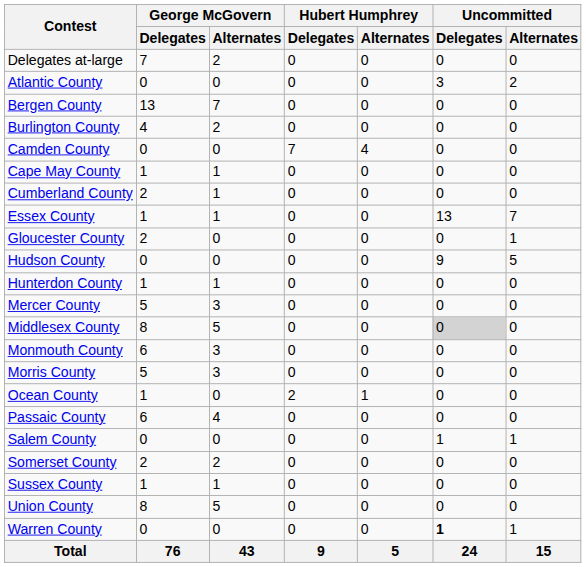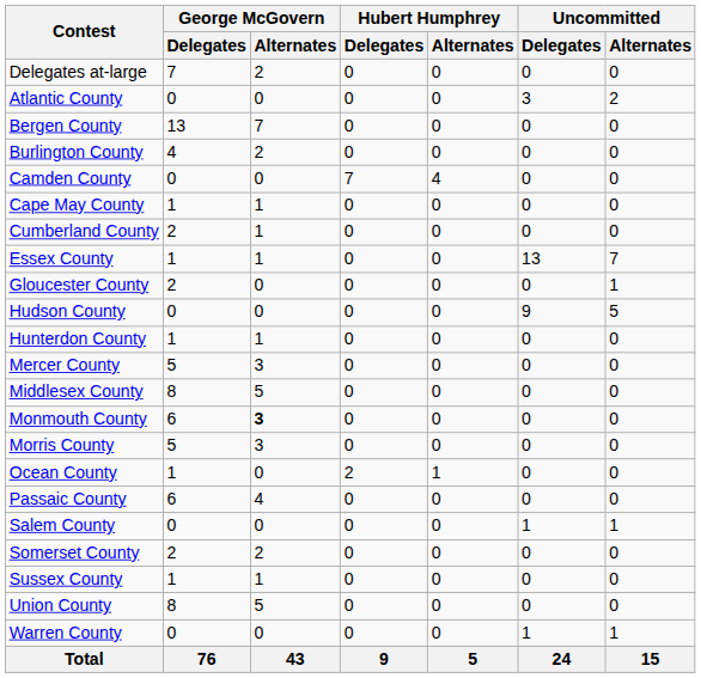 <table class="wikitable">
 <tr>
 <th rowspan="2">Contest</th>
 <th colspan="2">George McGovern</th>
 <th colspan="2">Hubert Humphrey</th>
 <th colspan="2">Uncommitted</th>
 </tr>
 <tr>
 <th>Delegates</th>
 <th>Alternates</th>
 <th>Delegates</th>
 <th>Alternates</th>
 <th>Delegates</th>
 <th>Alternates</th>
 </tr>
 <tr>
 <td>Delegates at-large</td>
 <td>7</td>
 <td>2</td>
 <td>0</td>
 <td>0</td>
 <td>0</td>
 <td>0</td>
 </tr>
 <tr>
 <td><a href='#'>Atlantic County</a></td>
 <td>0</td>
 <td>0</td>
 <td>0</td>
 <td>0</td>
 <td>3</td>
 <td>2</td>
 </tr>
 <tr>
 <td><a href='#'>Bergen County</a></td>
 <td>13</td>
 <td>7</td>
 <td>0</td>
 <td>0</td>
 <td>0</td>
 <td>0</td>
 </tr>
 <tr>
 <td><a href='#'>Burlington County</a></td>
 <td>4</td>
 <td>2</td>
 <td>0</td>
 <td>0</td>
 <td>0</td>
 <td>0</td>
 </tr>
 <tr>
 <td><a href='#'>Camden County</a></td>
 <td>0</td>
 <td>0</td>
 <td>7</td>
 <td>4</td>
 <td>0</td>
 <td>0</td>
 </tr>
 <tr>
 <td><a href='#'>Cape May County</a></td>
 <td>1</td>
 <td>1</td>
 <td>0</td>
 <td>0</td>
 <td>0</td>
 <td>0</td>
 </tr>
 <tr>
 <td><a href='#'>Cumberland County</a></td>
 <td>2</td>
 <td>1</td>
 <td>0</td>
 <td>0</td>
 <td>0</td>
 <td>0</td>
 </tr>
 <tr>
 <td><a href='#'>Essex County</a></td>
 <td>1</td>
 <td>1</td>
 <td>0</td>
 <td>0</td>
 <td>13</td>
 <td>7</td>
 </tr>
 <tr>
 <td><a href='#'>Gloucester County</a></td>
 <td>2</td>
 <td>0</td>
 <td>0</td>
 <td>0</td>
 <td>0</td>
 <td>1</td>
 </tr>
 <tr>
 <td><a href='#'>Hudson County</a></td>
 <td>0</td>
 <td>0</td>
 <td>0</td>
 <td>0</td>
 <td>9</td>
 <td>5</td>
 </tr>
 <tr>
 <td><a href='#'>Hunterdon County</a></td>
 <td>1</td>
 <td>1</td>
 <td>0</td>
 <td>0</td>
 <td>0</td>
 <td>0</td>
 </tr>
 <tr>
 <td><a href='#'>Mercer County</a></td>
 <td>5</td>
 <td>3</td>
 <td>0</td>
 <td>0</td>
 <td>0</td>
 <td>0</td>
 </tr>
 <tr>
 <td><a href='#'>Middlesex County</a></td>
 <td>8</td>
 <td>5</td>
 <td>0</td>
 <td>0</td>
-<td style="background: lightgrey;">0</td>
+<td>0</td>
 <td>0</td>
 </tr>
 <tr>
 <td><a href='#'>Monmouth County</a></td>
 <td>6</td>
-<td>3</td>
+<td><strong>3</strong></td>
 <td>0</td>
 <td>0</td>
 <td>0</td>
 <td>0</td>
 </tr>
 <tr>
 <td><a href='#'>Morris County</a></td>
 <td>5</td>
 <td>3</td>
 <td>0</td>
 <td>0</td>
 <td>0</td>
 <td>0</td>
 </tr>
 <tr>
 <td><a href='#'>Ocean County</a></td>
 <td>1</td>
 <td>0</td>
 <td>2</td>
 <td>1</td>
 <td>0</td>
 <td>0</td>
 </tr>
 <tr>
 <td><a href='#'>Passaic County</a></td>
 <td>6</td>
 <td>4</td>
 <td>0</td>
 <td>0</td>
 <td>0</td>
 <td>0</td>
 </tr>
 <tr>
 <td><a href='#'>Salem County</a></td>
 <td>0</td>
 <td>0</td>
 <td>0</td>
 <td>0</td>
 <td>1</td>
 <td>1</td>
 </tr>
 <tr>
 <td><a href='#'>Somerset County</a></td>
 <td>2</td>
 <td>2</td>
 <td>0</td>
 <td>0</td>
 <td>0</td>
 <td>0</td>
 </tr>
 <tr>
 <td><a href='#'>Sussex County</a></td>
 <td>1</td>
 <td>1</td>
 <td>0</td>
 <td>0</td>
 <td>0</td>
 <td>0</td>
 </tr>
 <tr>
 <td><a href='#'>Union County</a></td>
 <td>8</td>
 <td>5</td>
 <td>0</td>
 <td>0</td>
 <td>0</td>
 <td>0</td>
 </tr>
 <tr>
 <td><a href='#'>Warren County</a></td>
 <td>0</td>
 <td>0</td>
 <td>0</td>
 <td>0</td>
-<td><strong>1</strong></td>
+<td>1</td>
 <td>1</td>
 </tr>
 <tr>
 <th><strong>Total</strong></th>
 <th><strong>76</strong></th>
 <th><strong>43</strong></th>
 <th><strong>9</strong></th>
 <th><strong>5</strong></th>
 <th><strong>24</strong></th>
 <th><strong>15</strong></th>
 </tr>
 </table>
